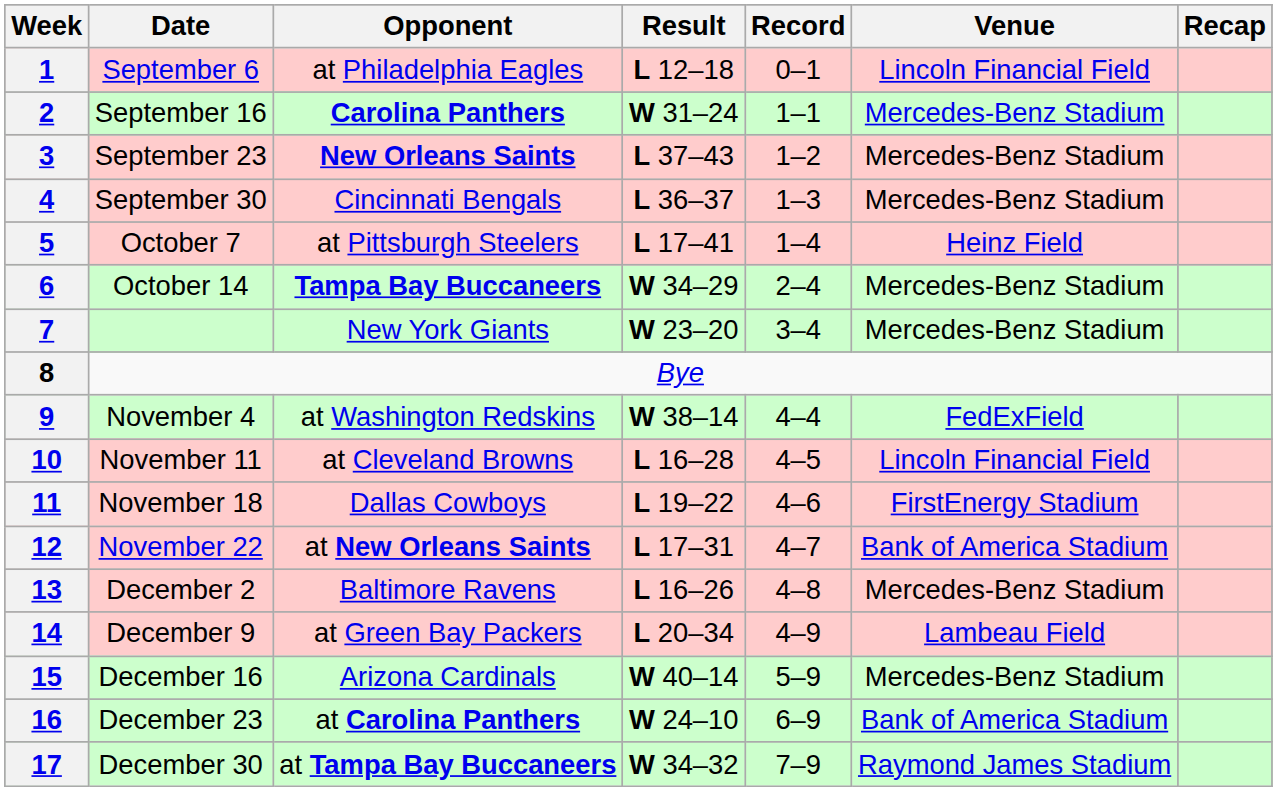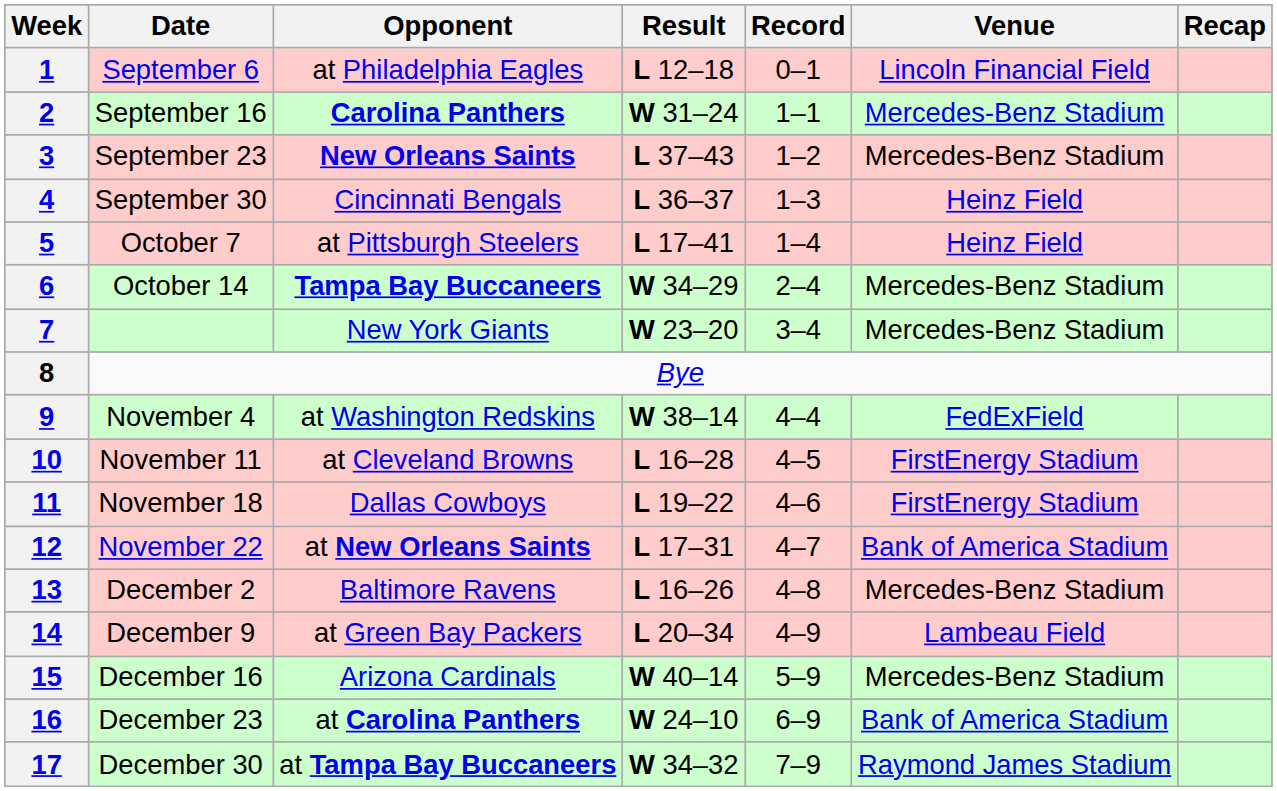 <table class="wikitable" style="text-align:center">
 <tr>
 <th>Week</th>
 <th>Date</th>
 <th>Opponent</th>
 <th>Result</th>
 <th>Record</th>
 <th>Venue</th>
 <th>Recap</th>
 </tr>
 <tr style="background:#fcc">
 <th><a href='#'>1</a></th>
 <td><a href='#'>September 6</a></td>
 <td>at <a href='#'>Philadelphia Eagles</a></td>
 <td><strong>L</strong> 12–18</td>
 <td>0–1</td>
 <td><a href='#'>Lincoln Financial Field</a></td>
 <td></td>
 </tr>
 <tr style="background:#cfc">
 <th><a href='#'>2</a></th>
 <td>September 16</td>
 <td><strong><a href='#'>Carolina Panthers</a></strong></td>
 <td><strong>W</strong> 31–24</td>
 <td>1–1</td>
 <td><a href='#'>Mercedes-Benz Stadium</a></td>
 <td></td>
 </tr>
 <tr style="background:#fcc">
 <th><a href='#'>3</a></th>
 <td>September 23</td>
 <td><strong><a href='#'>New Orleans Saints</a></strong></td>
 <td><strong>L</strong> 37–43 </td>
 <td>1–2</td>
 <td>Mercedes-Benz Stadium</td>
 <td></td>
 </tr>
 <tr style="background:#fcc">
 <th><a href='#'>4</a></th>
 <td>September 30</td>
 <td><a href='#'>Cincinnati Bengals</a></td>
 <td><strong>L</strong> 36–37</td>
 <td>1–3</td>
-<td>Mercedes-Benz Stadium</td>
+<td><a href='#'>Heinz Field</a></td>
 <td></td>
 </tr>
 <tr style="background:#fcc">
 <th><a href='#'>5</a></th>
 <td>October 7</td>
 <td>at <a href='#'>Pittsburgh Steelers</a></td>
 <td><strong>L</strong> 17–41</td>
 <td>1–4</td>
 <td><a href='#'>Heinz Field</a></td>
 <td></td>
 </tr>
 <tr style="background:#cfc">
 <th><a href='#'>6</a></th>
 <td>October 14</td>
 <td><strong><a href='#'>Tampa Bay Buccaneers</a></strong></td>
 <td><strong>W</strong> 34–29</td>
 <td>2–4</td>
 <td>Mercedes-Benz Stadium</td>
 <td></td>
 </tr>
 <tr style="background:#cfc">
 <th><a href='#'>7</a></th>
 <td></td>
 <td><a href='#'>New York Giants</a></td>
 <td><strong>W</strong> 23–20</td>
 <td>3–4</td>
 <td>Mercedes-Benz Stadium</td>
 <td></td>
 </tr>
 <tr>
 <th>8</th>
 <td colspan=6><em><a href='#'>Bye</a></em></td>
 </tr>
 <tr style="background:#cfc">
 <th><a href='#'>9</a></th>
 <td>November 4</td>
 <td>at <a href='#'>Washington Redskins</a></td>
 <td><strong>W</strong> 38–14</td>
 <td>4–4</td>
 <td><a href='#'>FedExField</a></td>
 <td></td>
 </tr>
 <tr style="background:#fcc">
 <th><a href='#'>10</a></th>
 <td>November 11</td>
 <td>at <a href='#'>Cleveland Browns</a></td>
 <td><strong>L</strong> 16–28</td>
 <td>4–5</td>
-<td><a href='#'>Lincoln Financial Field</a></td>
+<td><a href='#'>FirstEnergy Stadium</a></td>
 <td></td>
 </tr>
 <tr style="background:#fcc">
 <th><a href='#'>11</a></th>
 <td>November 18</td>
 <td><a href='#'>Dallas Cowboys</a></td>
 <td><strong>L</strong> 19–22</td>
 <td>4–6</td>
 <td><a href='#'>FirstEnergy Stadium</a></td>
 <td></td>
 </tr>
 <tr style="background:#fcc">
 <th><a href='#'>12</a></th>
 <td><a href='#'>November 22</a></td>
 <td>at <strong><a href='#'>New Orleans Saints</a></strong></td>
 <td><strong>L</strong> 17–31</td>
 <td>4–7</td>
 <td><a href='#'>Bank of America Stadium</a></td>
 <td></td>
 </tr>
 <tr style="background:#fcc">
 <th><a href='#'>13</a></th>
 <td>December 2</td>
 <td><a href='#'>Baltimore Ravens</a></td>
 <td><strong>L</strong> 16–26</td>
 <td>4–8</td>
 <td>Mercedes-Benz Stadium</td>
 <td></td>
 </tr>
 <tr style="background:#fcc">
 <th><a href='#'>14</a></th>
 <td>December 9</td>
 <td>at <a href='#'>Green Bay Packers</a></td>
 <td><strong>L</strong> 20–34</td>
 <td>4–9</td>
 <td><a href='#'>Lambeau Field</a></td>
 <td></td>
 </tr>
 <tr style="background:#cfc">
 <th><a href='#'>15</a></th>
 <td>December 16</td>
 <td><a href='#'>Arizona Cardinals</a></td>
 <td><strong>W</strong> 40–14</td>
 <td>5–9</td>
 <td>Mercedes-Benz Stadium</td>
 <td></td>
 </tr>
 <tr style="background:#cfc">
 <th><a href='#'>16</a></th>
 <td>December 23</td>
 <td>at <strong><a href='#'>Carolina Panthers</a></strong></td>
 <td><strong>W</strong> 24–10</td>
 <td>6–9</td>
 <td><a href='#'>Bank of America Stadium</a></td>
 <td></td>
 </tr>
 <tr style="background:#cfc">
 <th><a href='#'>17</a></th>
 <td>December 30</td>
 <td>at <strong><a href='#'>Tampa Bay Buccaneers</a></strong></td>
 <td><strong>W</strong> 34–32</td>
 <td>7–9</td>
 <td><a href='#'>Raymond James Stadium</a></td>
 <td></td>
 </tr>
 </table>
